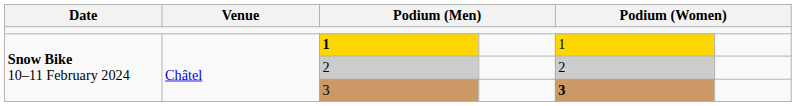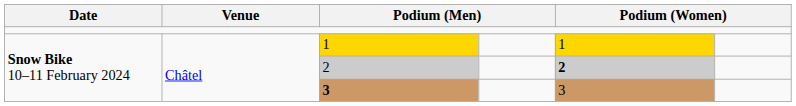 <table class="wikitable" width=70%>
 <tr>
 <th>Date</th>
 <th width=20%>Venue</th>
 <th colspan=2 width=30%>Podium (Men)</th>
 <th colspan=2 width=30%>Podium (Women)</th>
 </tr>
 <tr>
 <td colspan=6></td>
 </tr>
 <tr>
 <td rowspan=3><strong>Snow Bike</strong> <br> 10–11 February 2024</td>
 <td rowspan=3><br><a href='#'>Châtel</a></td>
-<td bgcolor=FFD700><strong>1</strong></td>
+<td bgcolor=FFD700>1</td>
 <td></td>
 <td bgcolor=FFD700>1</td>
 <td></td>
 </tr>
 <tr>
 <td bgcolor=CCCCCC>2</td>
 <td></td>
-<td bgcolor=CCCCCC>2</td>
+<td bgcolor=CCCCCC><strong>2</strong></td>
 <td></td>
 </tr>
 <tr>
+<td bgcolor=CC9966><strong>3</strong></td>
+<td></td>
 <td bgcolor=CC9966>3</td>
-<td></td>
-<td bgcolor=CC9966><strong>3</strong></td>
 <td></td>
 </tr>
 </table>
